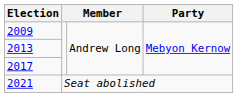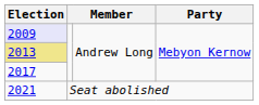 <table class="wikitable">
 <tr>
 <th>Election</th>
 <th colspan="2">Member</th>
 <th>Party</th>
 </tr>
 <tr>
-<td><a href='#'>2009</a></td>
+<td style="background: lavender;"><a href='#'>2009</a></td>
 <td rowspan="3" style="background-color: "></td>
 <td rowspan="3">Andrew Long</td>
 <td rowspan="3"><a href='#'>Mebyon Kernow</a></td>
 </tr>
 <tr>
-<td><a href='#'>2013</a></td>
+<td style="background: khaki;"><a href='#'>2013</a></td>
 </tr>
 <tr>
 <td><a href='#'>2017</a></td>
 </tr>
 <tr>
 <td><a href='#'>2021</a></td>
 <td colspan="3"><em>Seat abolished</em></td>
 </tr>
 </table>
